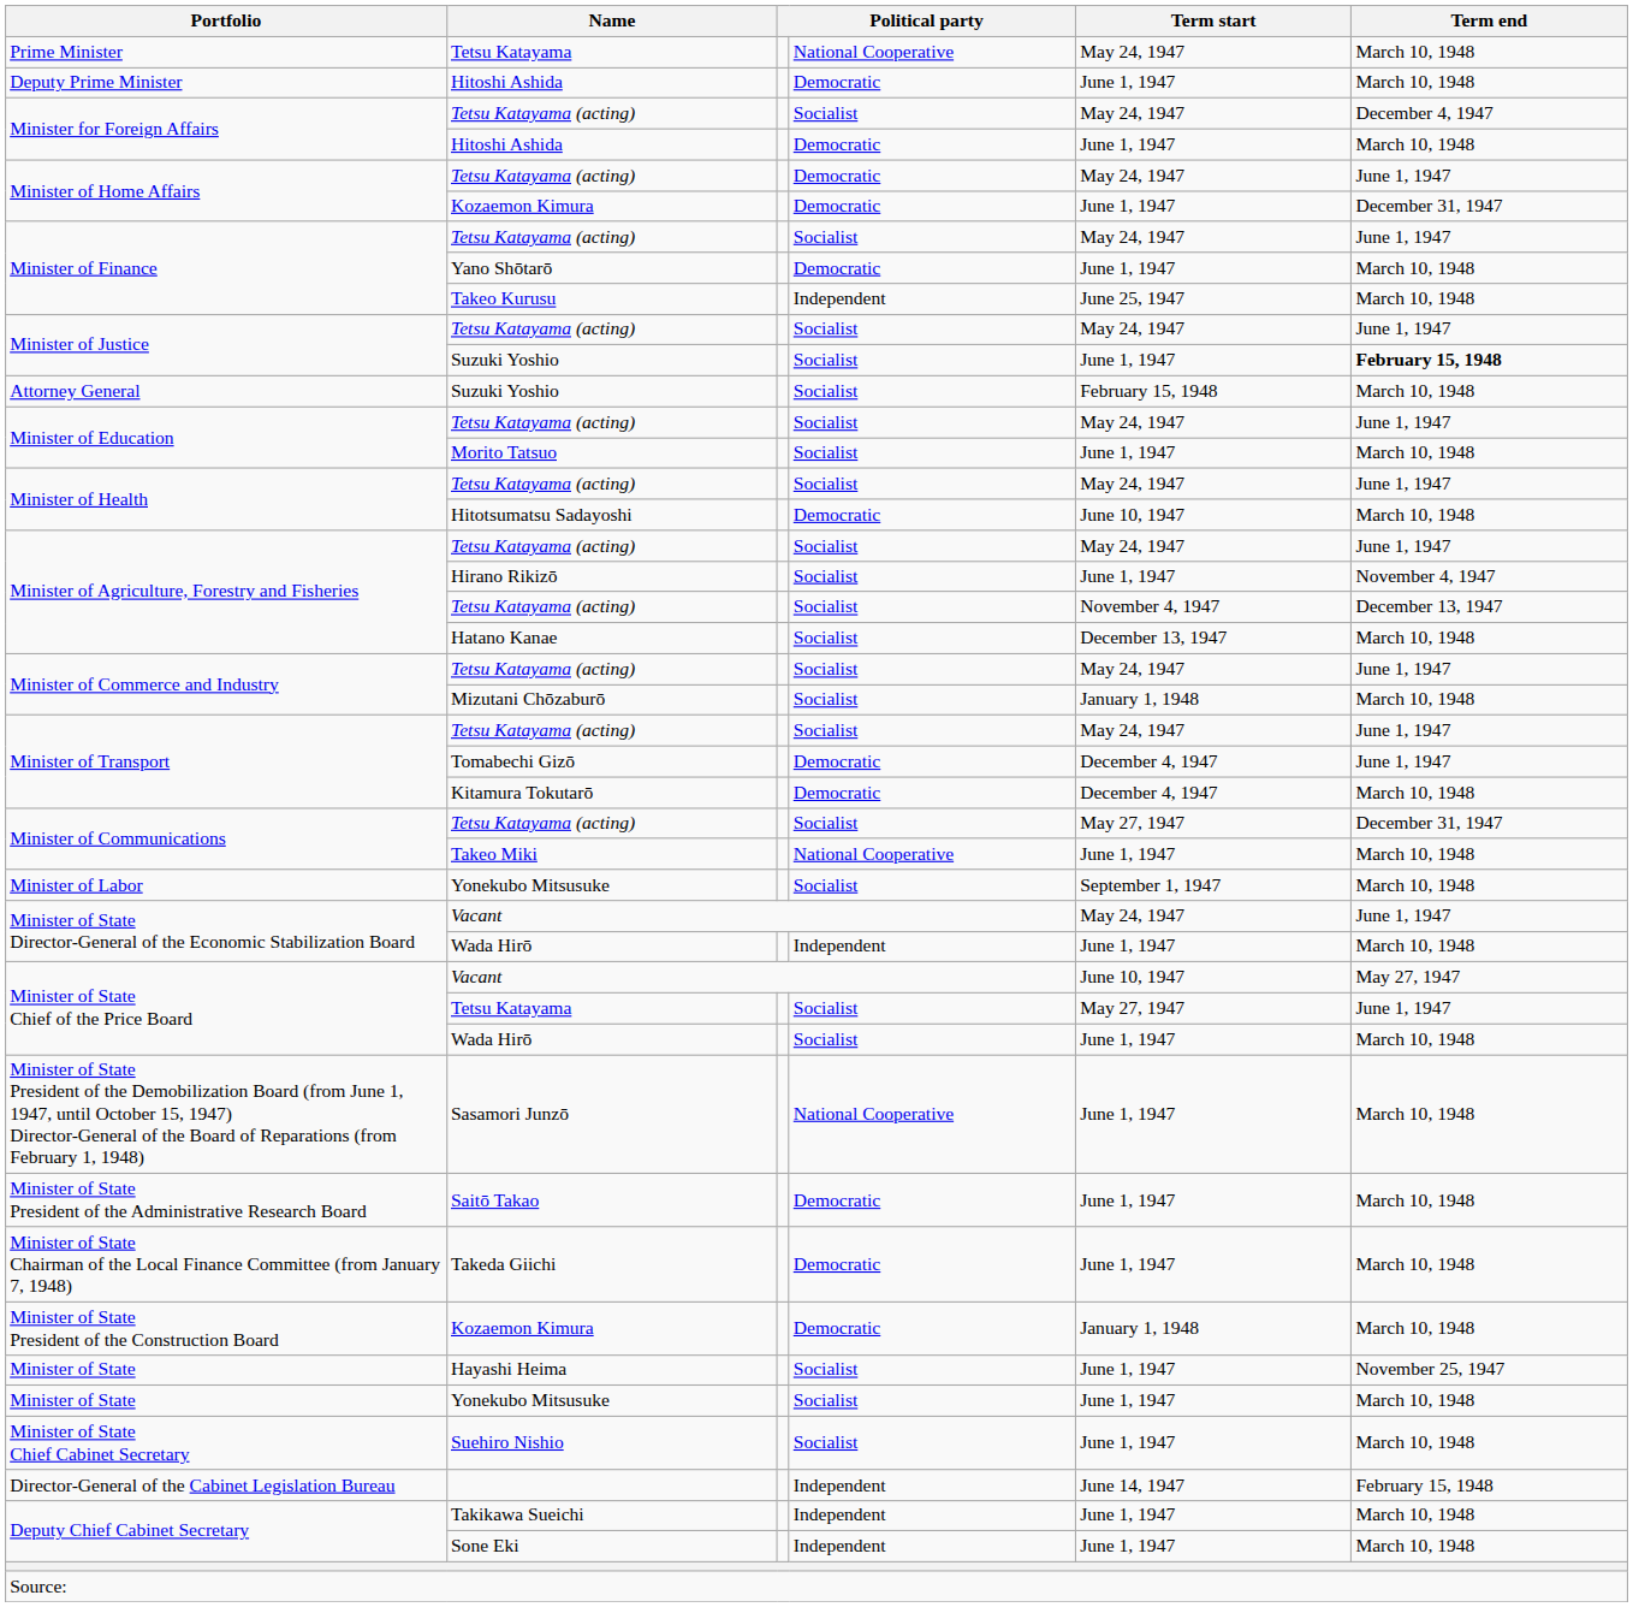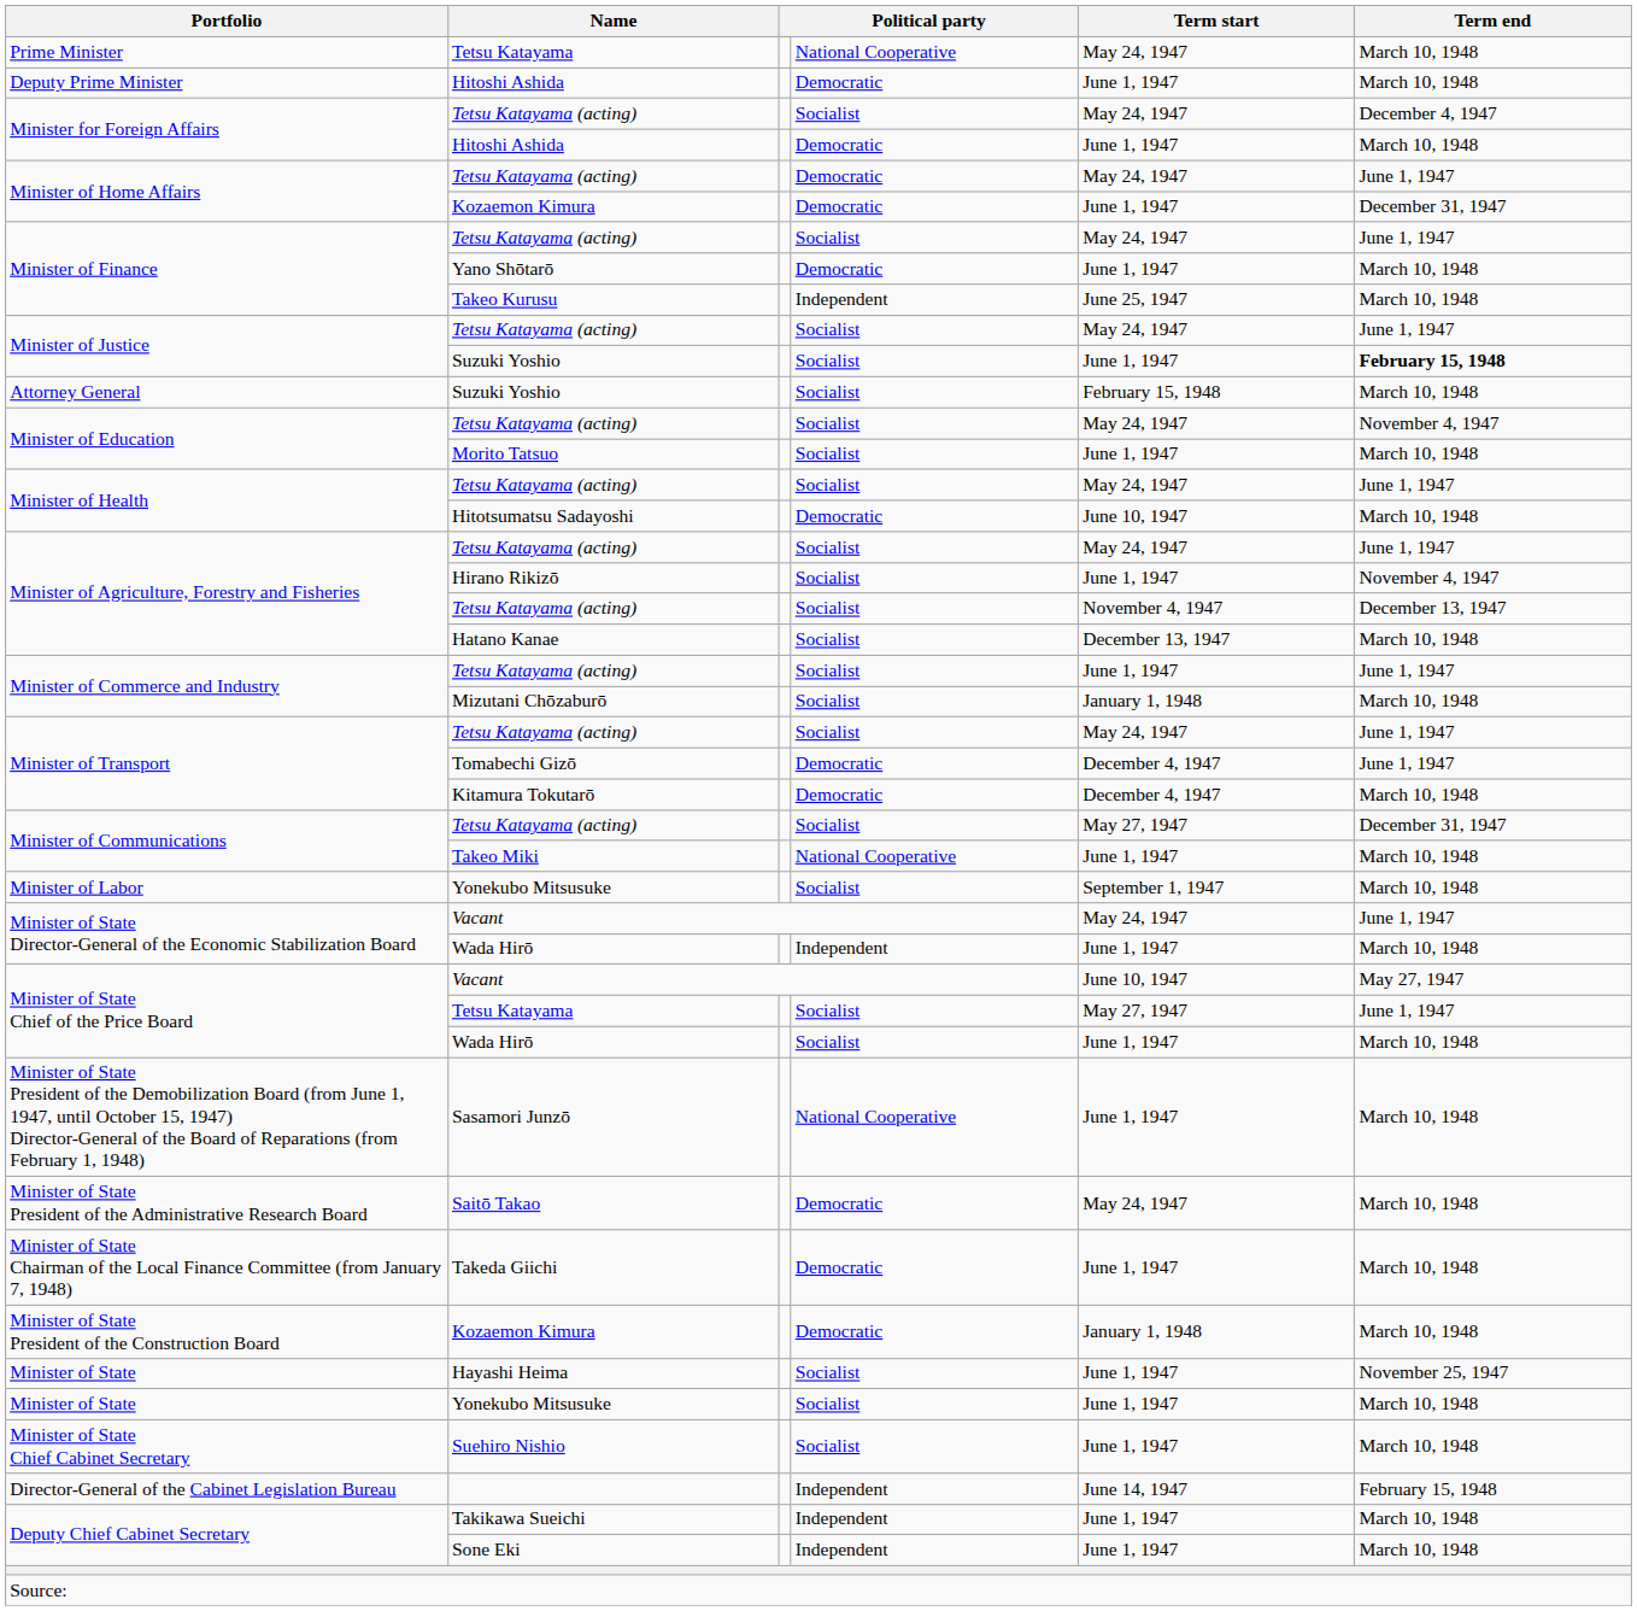 <table class="wikitable unsortable" style="font-size: 90%;">
 <tr>
 <th width="20%" scope="col">Portfolio</th>
 <th width="15%" scope="col">Name</th>
 <th colspan="2" width="13.5%" scope="col">Political party</th>
 <th width="12.5%" scope="col">Term start</th>
 <th width="12.5%" scope="col">Term end</th>
 </tr>
 <tr>
 <td style="text-align: left;"><a href='#'>Prime Minister</a></td>
 <td><a href='#'>Tetsu Katayama</a></td>
 <td width="0.5%" style="background:"></td>
 <td><a href='#'>National Cooperative</a></td>
 <td>May 24, 1947</td>
 <td>March 10, 1948</td>
 </tr>
 <tr>
 <td><a href='#'>Deputy Prime Minister</a></td>
 <td><a href='#'>Hitoshi Ashida</a></td>
 <td style="color:inherit;background:"></td>
 <td><a href='#'>Democratic</a></td>
 <td>June 1, 1947</td>
 <td>March 10, 1948</td>
 </tr>
 <tr>
 <td rowspan="2"><a href='#'>Minister for Foreign Affairs</a></td>
 <td><em><a href='#'>Tetsu Katayama</a> (acting)</em></td>
 <td style="color:inherit;background:"></td>
 <td><a href='#'>Socialist</a></td>
 <td>May 24, 1947</td>
 <td>December 4, 1947</td>
 </tr>
 <tr>
 <td><a href='#'>Hitoshi Ashida</a></td>
 <td style="color:inherit;background:"></td>
 <td><a href='#'>Democratic</a></td>
 <td>June 1, 1947</td>
 <td>March 10, 1948</td>
 </tr>
 <tr>
 <td rowspan="2"><a href='#'>Minister of Home Affairs</a></td>
 <td><em><a href='#'>Tetsu Katayama</a> (acting)</em></td>
 <td style="color:inherit;background:"></td>
 <td><a href='#'>Democratic</a></td>
 <td>May 24, 1947</td>
 <td>June 1, 1947</td>
 </tr>
 <tr>
 <td><a href='#'>Kozaemon Kimura</a></td>
 <td style="color:inherit;background:"></td>
 <td><a href='#'>Democratic</a></td>
 <td>June 1, 1947</td>
 <td>December 31, 1947</td>
 </tr>
 <tr>
 <td rowspan="3"><a href='#'>Minister of Finance</a></td>
 <td><em><a href='#'>Tetsu Katayama</a> (acting)</em></td>
 <td style="color:inherit;background:"></td>
 <td><a href='#'>Socialist</a></td>
 <td>May 24, 1947</td>
 <td>June 1, 1947</td>
 </tr>
 <tr>
 <td>Yano Shōtarō</td>
 <td style="color:inherit;background:"></td>
 <td><a href='#'>Democratic</a></td>
 <td>June 1, 1947</td>
 <td>March 10, 1948</td>
 </tr>
 <tr>
 <td><a href='#'>Takeo Kurusu</a></td>
 <td style="color:inherit;background:"></td>
 <td>Independent</td>
 <td>June 25, 1947</td>
 <td>March 10, 1948</td>
 </tr>
 <tr>
 <td rowspan="2"><a href='#'>Minister of Justice</a></td>
 <td><em><a href='#'>Tetsu Katayama</a> (acting)</em></td>
 <td style="color:inherit;background:"></td>
 <td><a href='#'>Socialist</a></td>
 <td>May 24, 1947</td>
 <td>June 1, 1947</td>
 </tr>
 <tr>
 <td>Suzuki Yoshio</td>
 <td style="color:inherit;background:"></td>
 <td><a href='#'>Socialist</a></td>
 <td>June 1, 1947</td>
 <td><strong>February 15, 1948</strong></td>
 </tr>
 <tr>
 <td><a href='#'>Attorney General</a></td>
 <td>Suzuki Yoshio</td>
 <td style="color:inherit;background:"></td>
 <td><a href='#'>Socialist</a></td>
 <td>February 15, 1948</td>
 <td>March 10, 1948</td>
 </tr>
 <tr>
 <td rowspan="2"><a href='#'>Minister of Education</a></td>
 <td><em><a href='#'>Tetsu Katayama</a> (acting)</em></td>
 <td style="color:inherit;background:"></td>
 <td><a href='#'>Socialist</a></td>
 <td>May 24, 1947</td>
-<td>June 1, 1947</td>
+<td>November 4, 1947</td>
 </tr>
 <tr>
 <td><a href='#'>Morito Tatsuo</a></td>
 <td style="color:inherit;background:"></td>
 <td><a href='#'>Socialist</a></td>
 <td>June 1, 1947</td>
 <td>March 10, 1948</td>
 </tr>
 <tr>
 <td rowspan="2"><a href='#'>Minister of Health</a></td>
 <td><em><a href='#'>Tetsu Katayama</a> (acting)</em></td>
 <td style="color:inherit;background:"></td>
 <td><a href='#'>Socialist</a></td>
 <td>May 24, 1947</td>
 <td>June 1, 1947</td>
 </tr>
 <tr>
 <td>Hitotsumatsu Sadayoshi</td>
 <td style="color:inherit;background:"></td>
 <td><a href='#'>Democratic</a></td>
 <td>June 10, 1947</td>
 <td>March 10, 1948</td>
 </tr>
 <tr>
 <td rowspan="4"><a href='#'>Minister of Agriculture, Forestry and Fisheries</a></td>
 <td><em><a href='#'>Tetsu Katayama</a> (acting)</em></td>
 <td style="color:inherit;background:"></td>
 <td><a href='#'>Socialist</a></td>
 <td>May 24, 1947</td>
 <td>June 1, 1947</td>
 </tr>
 <tr>
 <td>Hirano Rikizō</td>
 <td style="color:inherit;background:"></td>
 <td><a href='#'>Socialist</a></td>
 <td>June 1, 1947</td>
 <td>November 4, 1947</td>
 </tr>
 <tr>
 <td><em><a href='#'>Tetsu Katayama</a> (acting)</em></td>
 <td style="color:inherit;background:"></td>
 <td><a href='#'>Socialist</a></td>
 <td>November 4, 1947</td>
 <td>December 13, 1947</td>
 </tr>
 <tr>
 <td>Hatano Kanae</td>
 <td style="color:inherit;background:"></td>
 <td><a href='#'>Socialist</a></td>
 <td>December 13, 1947</td>
 <td>March 10, 1948</td>
 </tr>
 <tr>
 <td rowspan="2"><a href='#'>Minister of Commerce and Industry</a></td>
 <td><em><a href='#'>Tetsu Katayama</a> (acting)</em></td>
 <td style="color:inherit;background:"></td>
 <td><a href='#'>Socialist</a></td>
-<td>May 24, 1947</td>
+<td>June 1, 1947</td>
 <td>June 1, 1947</td>
 </tr>
 <tr>
 <td>Mizutani Chōzaburō</td>
 <td style="color:inherit;background:"></td>
 <td><a href='#'>Socialist</a></td>
 <td>January 1, 1948</td>
 <td>March 10, 1948</td>
 </tr>
 <tr>
 <td rowspan="3"><a href='#'>Minister of Transport</a></td>
 <td><em><a href='#'>Tetsu Katayama</a> (acting)</em></td>
 <td style="color:inherit;background:"></td>
 <td><a href='#'>Socialist</a></td>
 <td>May 24, 1947</td>
 <td>June 1, 1947</td>
 </tr>
 <tr>
 <td>Tomabechi Gizō</td>
 <td style="color:inherit;background:"></td>
 <td><a href='#'>Democratic</a></td>
 <td>December 4, 1947</td>
 <td>June 1, 1947</td>
 </tr>
 <tr>
 <td>Kitamura Tokutarō</td>
 <td style="color:inherit;background:"></td>
 <td><a href='#'>Democratic</a></td>
 <td>December 4, 1947</td>
 <td>March 10, 1948</td>
 </tr>
 <tr>
 <td rowspan="2"><a href='#'>Minister of Communications</a></td>
 <td><em><a href='#'>Tetsu Katayama</a> (acting)</em></td>
 <td style="color:inherit;background:"></td>
 <td><a href='#'>Socialist</a></td>
 <td>May 27, 1947</td>
 <td>December 31, 1947</td>
 </tr>
 <tr>
 <td><a href='#'>Takeo Miki</a></td>
 <td style="color:inherit;background:"></td>
 <td><a href='#'>National Cooperative</a></td>
 <td>June 1, 1947</td>
 <td>March 10, 1948</td>
 </tr>
 <tr>
 <td><a href='#'>Minister of Labor</a></td>
 <td>Yonekubo Mitsusuke</td>
 <td style="color:inherit;background:"></td>
 <td><a href='#'>Socialist</a></td>
 <td>September 1, 1947</td>
 <td>March 10, 1948</td>
 </tr>
 <tr>
 <td rowspan="2"><a href='#'>Minister of State</a><br>Director-General of the Economic Stabilization Board</td>
 <td colspan="3"><em>Vacant</em></td>
 <td>May 24, 1947</td>
 <td>June 1, 1947</td>
 </tr>
 <tr>
 <td>Wada Hirō</td>
 <td style="color:inherit;background:"></td>
 <td>Independent</td>
 <td>June 1, 1947</td>
 <td>March 10, 1948</td>
 </tr>
 <tr>
 <td rowspan="3"><a href='#'>Minister of State</a><br>Chief of the Price Board</td>
 <td colspan="3"><em>Vacant</em></td>
 <td>June 10, 1947</td>
 <td>May 27, 1947</td>
 </tr>
 <tr>
 <td><a href='#'>Tetsu Katayama</a></td>
 <td style="color:inherit;background:"></td>
 <td><a href='#'>Socialist</a></td>
 <td>May 27, 1947</td>
 <td>June 1, 1947</td>
 </tr>
 <tr>
 <td>Wada Hirō</td>
 <td style="color:inherit;background:"></td>
 <td><a href='#'>Socialist</a></td>
 <td>June 1, 1947</td>
 <td>March 10, 1948</td>
 </tr>
 <tr>
 <td><a href='#'>Minister of State</a><br>President of the Demobilization Board (from June 1, 1947, until October 15, 1947)<br>Director-General of the Board of Reparations (from February 1, 1948)</td>
 <td>Sasamori Junzō</td>
 <td style="color:inherit;background:"></td>
 <td><a href='#'>National Cooperative</a></td>
 <td>June 1, 1947</td>
 <td>March 10, 1948</td>
 </tr>
 <tr>
 <td><a href='#'>Minister of State</a><br>President of the Administrative Research Board</td>
 <td><a href='#'>Saitō Takao</a></td>
 <td style="color:inherit;background:"></td>
 <td><a href='#'>Democratic</a></td>
-<td>June 1, 1947</td>
+<td>May 24, 1947</td>
 <td>March 10, 1948</td>
 </tr>
 <tr>
 <td><a href='#'>Minister of State</a><br>Chairman of the Local Finance Committee (from January 7, 1948)</td>
 <td>Takeda Giichi</td>
 <td style="color:inherit;background:"></td>
 <td><a href='#'>Democratic</a></td>
 <td>June 1, 1947</td>
 <td>March 10, 1948</td>
 </tr>
 <tr>
 <td><a href='#'>Minister of State</a><br>President of the Construction Board</td>
 <td><a href='#'>Kozaemon Kimura</a></td>
 <td style="color:inherit;background:"></td>
 <td><a href='#'>Democratic</a></td>
 <td>January 1, 1948</td>
 <td>March 10, 1948</td>
 </tr>
 <tr>
 <td><a href='#'>Minister of State</a></td>
 <td>Hayashi Heima</td>
 <td style="color:inherit;background:"></td>
 <td><a href='#'>Socialist</a></td>
 <td>June 1, 1947</td>
 <td>November 25, 1947</td>
 </tr>
 <tr>
 <td><a href='#'>Minister of State</a></td>
 <td>Yonekubo Mitsusuke</td>
 <td style="color:inherit;background:"></td>
 <td><a href='#'>Socialist</a></td>
 <td>June 1, 1947</td>
 <td>March 10, 1948</td>
 </tr>
 <tr>
 <td><a href='#'>Minister of State</a><br><a href='#'>Chief Cabinet Secretary</a></td>
 <td><a href='#'>Suehiro Nishio</a></td>
 <td style="color:inherit;background:"></td>
 <td><a href='#'>Socialist</a></td>
 <td>June 1, 1947</td>
 <td>March 10, 1948</td>
 </tr>
 <tr>
 <td>Director-General of the <a href='#'>Cabinet Legislation Bureau</a></td>
 <td></td>
 <td style="color:inherit;background:"></td>
 <td>Independent</td>
 <td>June 14, 1947</td>
 <td>February 15, 1948</td>
 </tr>
 <tr>
 <td rowspan="2"><a href='#'>Deputy Chief Cabinet Secretary</a></td>
 <td>Takikawa Sueichi</td>
 <td style="color:inherit;background:"></td>
 <td>Independent</td>
 <td>June 1, 1947</td>
 <td>March 10, 1948</td>
 </tr>
 <tr>
 <td>Sone Eki</td>
 <td style="color:inherit;background:"></td>
 <td>Independent</td>
 <td>June 1, 1947</td>
 <td>March 10, 1948</td>
 </tr>
 <tr>
 <th colspan="6"></th>
 </tr>
 <tr>
 <td colspan="6">Source:</td>
 </tr>
 </table>
